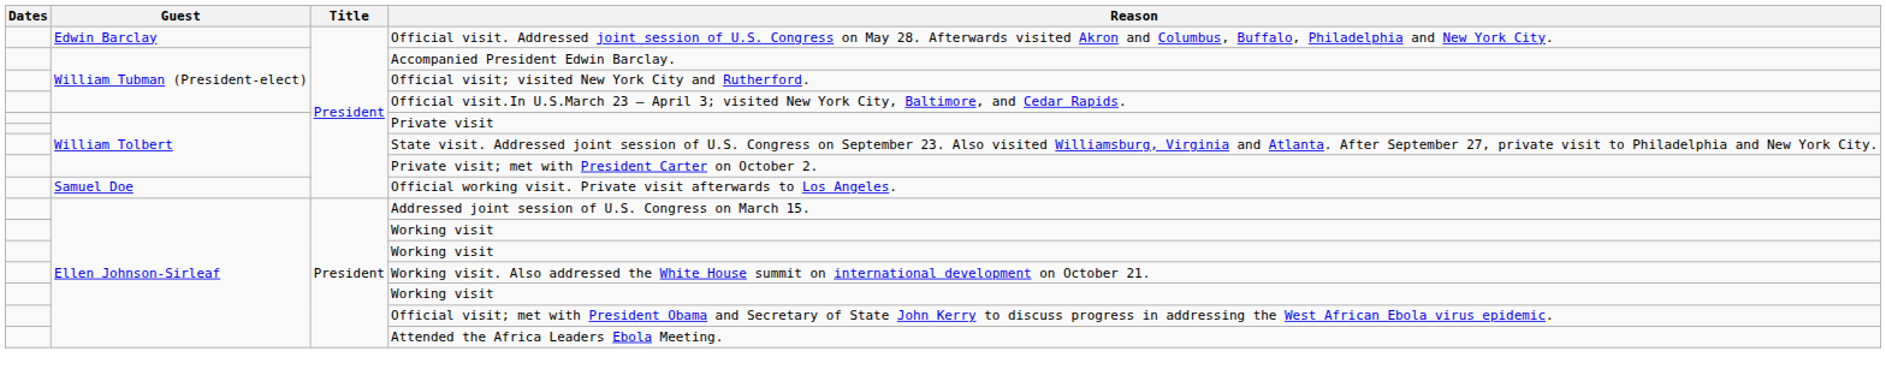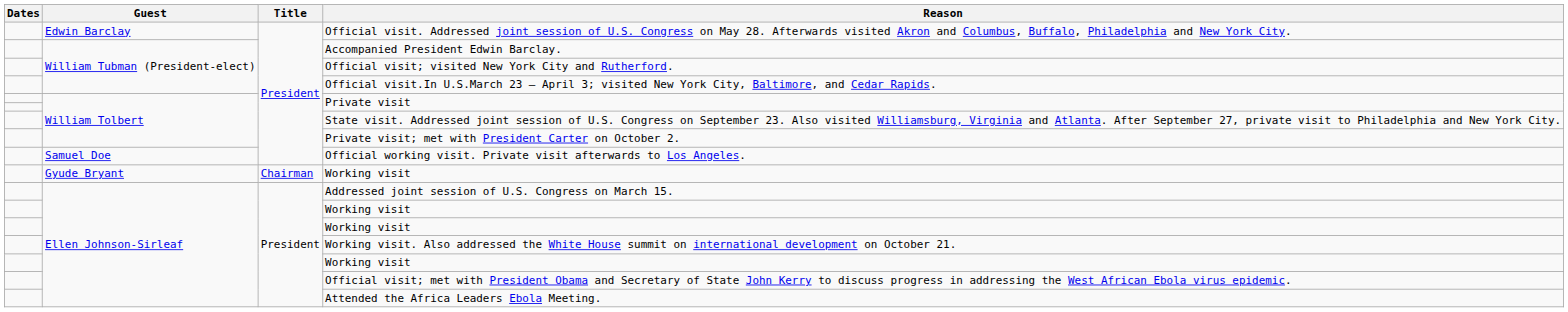 <table class="wikitable sortable">
 <tr>
 <th>Dates</th>
 <th>Guest</th>
 <th>Title</th>
 <th>Reason</th>
 </tr>
 <tr>
 <td></td>
 <td><a href='#'>Edwin Barclay</a></td>
 <td rowspan=9><a href='#'>President</a></td>
 <td>Official visit. Addressed <a href='#'>joint session of U.S. Congress</a> on May 28. Afterwards visited <a href='#'>Akron</a> and <a href='#'>Columbus</a>, <a href='#'>Buffalo</a>, <a href='#'>Philadelphia</a> and <a href='#'>New York City</a>.</td>
 </tr>
 <tr>
 <td></td>
 <td rowspan=3><a href='#'>William Tubman</a> (President-elect)</td>
 <td>Accompanied President Edwin Barclay.</td>
 </tr>
 <tr>
 <td></td>
 <td>Official visit; visited New York City and <a href='#'>Rutherford</a>.</td>
 </tr>
 <tr>
 <td></td>
 <td>Official visit.In U.S.March 23 – April 3; visited New York City, <a href='#'>Baltimore</a>, and <a href='#'>Cedar Rapids</a>.</td>
 </tr>
 <tr>
 <td></td>
 <td rowspan=4><a href='#'>William Tolbert</a></td>
 <td rowspan=2>Private visit</td>
 </tr>
 <tr>
 <td></td>
 </tr>
 <tr>
 <td></td>
 <td>State visit. Addressed joint session of U.S. Congress on September 23. Also visited <a href='#'>Williamsburg, Virginia</a> and <a href='#'>Atlanta</a>. After September 27, private visit to Philadelphia and New York City.</td>
 </tr>
 <tr>
 <td></td>
 <td>Private visit; met with <a href='#'>President Carter</a> on October 2.</td>
 </tr>
 <tr>
 <td></td>
 <td><a href='#'>Samuel Doe</a></td>
 <td>Official working visit. Private visit afterwards to <a href='#'>Los Angeles</a>.</td>
 </tr>
 <tr>
 <td></td>
+<td><a href='#'>Gyude Bryant</a></td>
+<td><a href='#'>Chairman</a></td>
+<td>Working visit</td>
+</tr>
+<tr>
+<td></td>
 <td rowspan=7><a href='#'>Ellen Johnson-Sirleaf</a></td>
 <td rowspan=7>President</td>
 <td>Addressed joint session of U.S. Congress on March 15.</td>
 </tr>
 <tr>
 <td></td>
 <td>Working visit</td>
 </tr>
 <tr>
 <td></td>
 <td>Working visit</td>
 </tr>
 <tr>
 <td></td>
 <td>Working visit. Also addressed the <a href='#'>White House</a> summit on <a href='#'>international development</a> on October 21.</td>
 </tr>
 <tr>
 <td></td>
 <td>Working visit</td>
 </tr>
 <tr>
 <td></td>
 <td>Official visit; met with <a href='#'>President Obama</a> and Secretary of State <a href='#'>John Kerry</a> to discuss progress in addressing the <a href='#'>West African Ebola virus epidemic</a>.</td>
 </tr>
 <tr>
 <td></td>
 <td>Attended the Africa Leaders <a href='#'>Ebola</a> Meeting.</td>
 </tr>
 </table>
